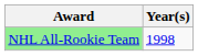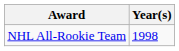 <table class="wikitable" border="1">
 <tr>
 <th>Award</th>
 <th>Year(s)</th>
 </tr>
 <tr>
-<td style="background: lightgreen;"><a href='#'>NHL All-Rookie Team</a></td>
+<td><a href='#'>NHL All-Rookie Team</a></td>
 <td><a href='#'>1998</a></td>
 </tr>
 </table>
